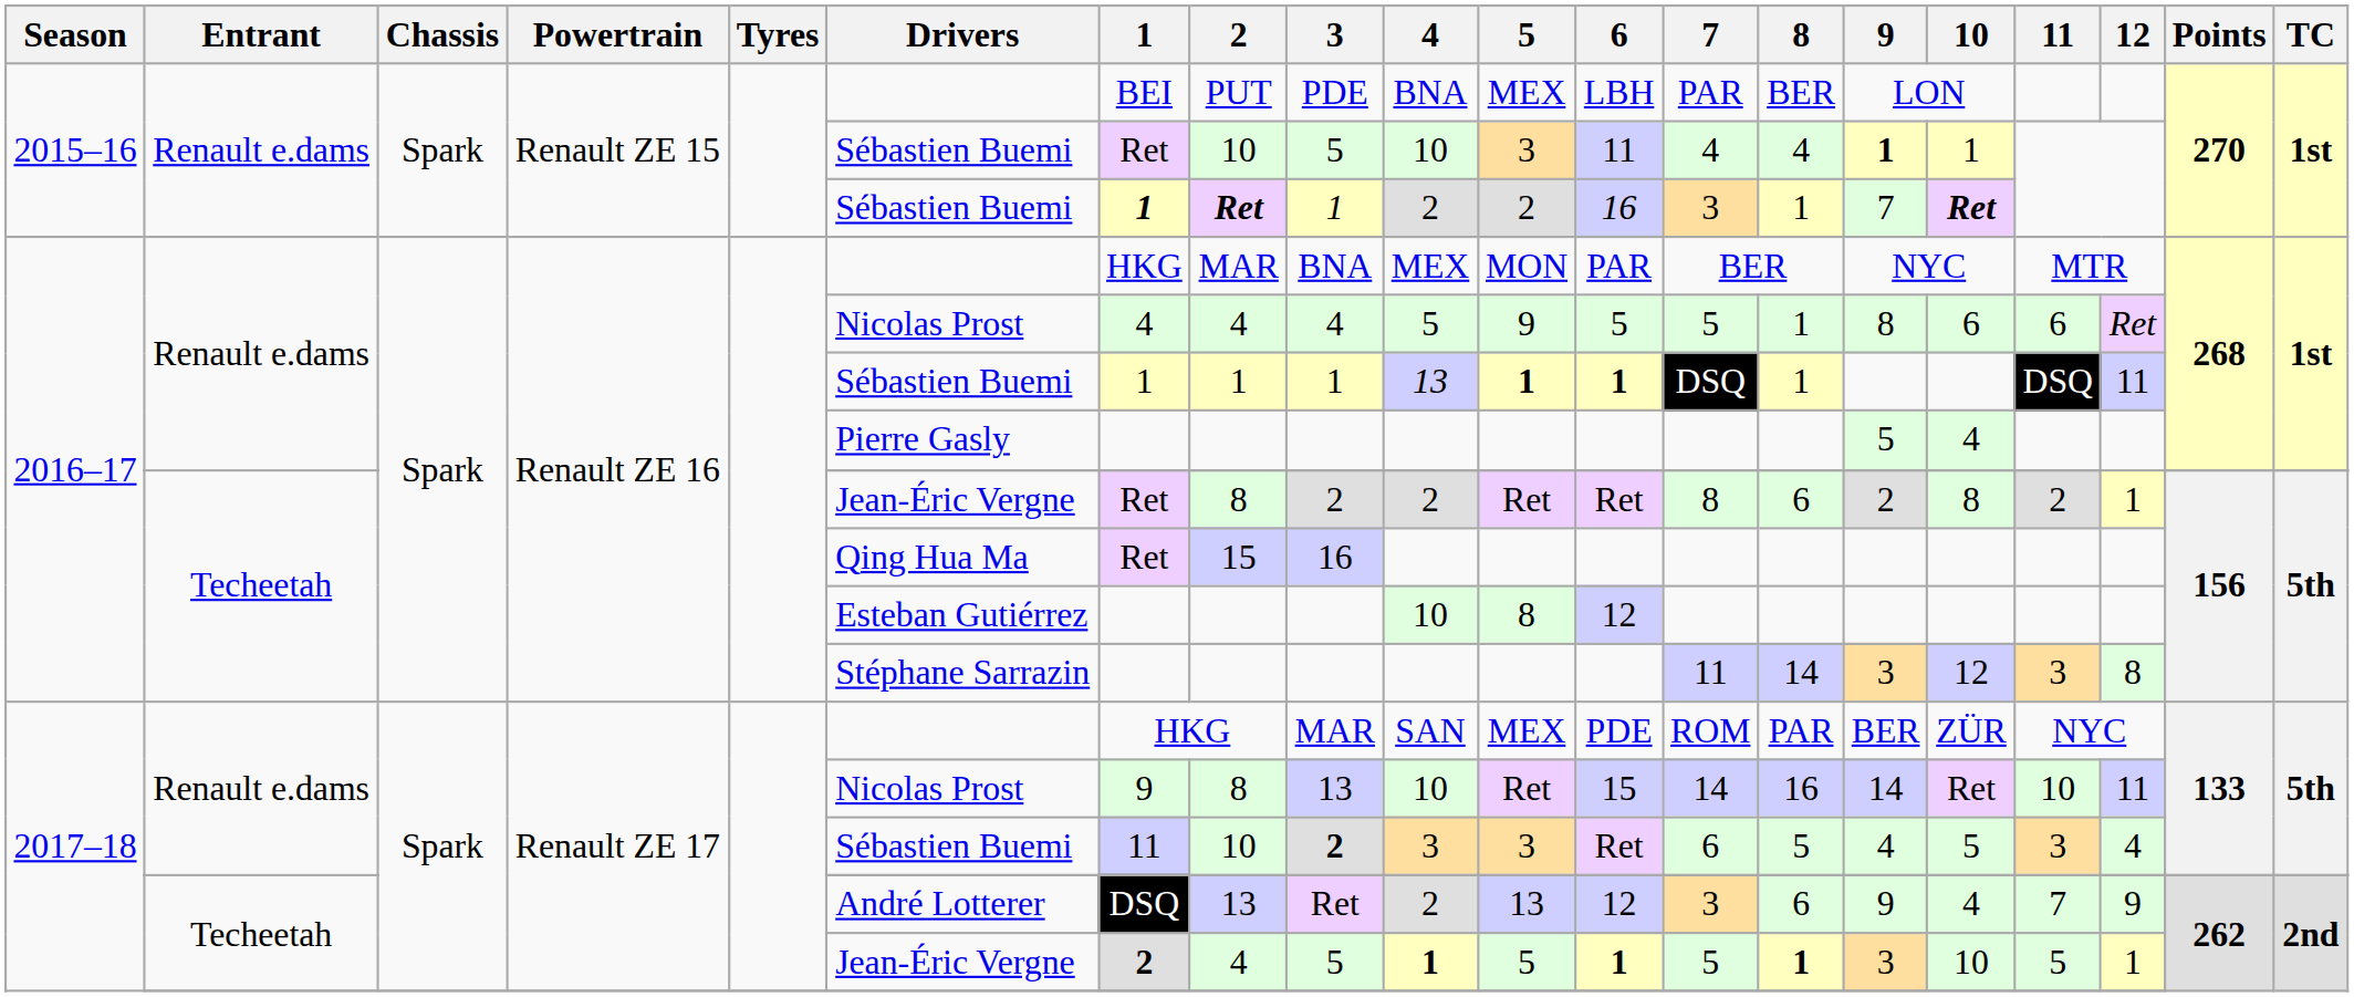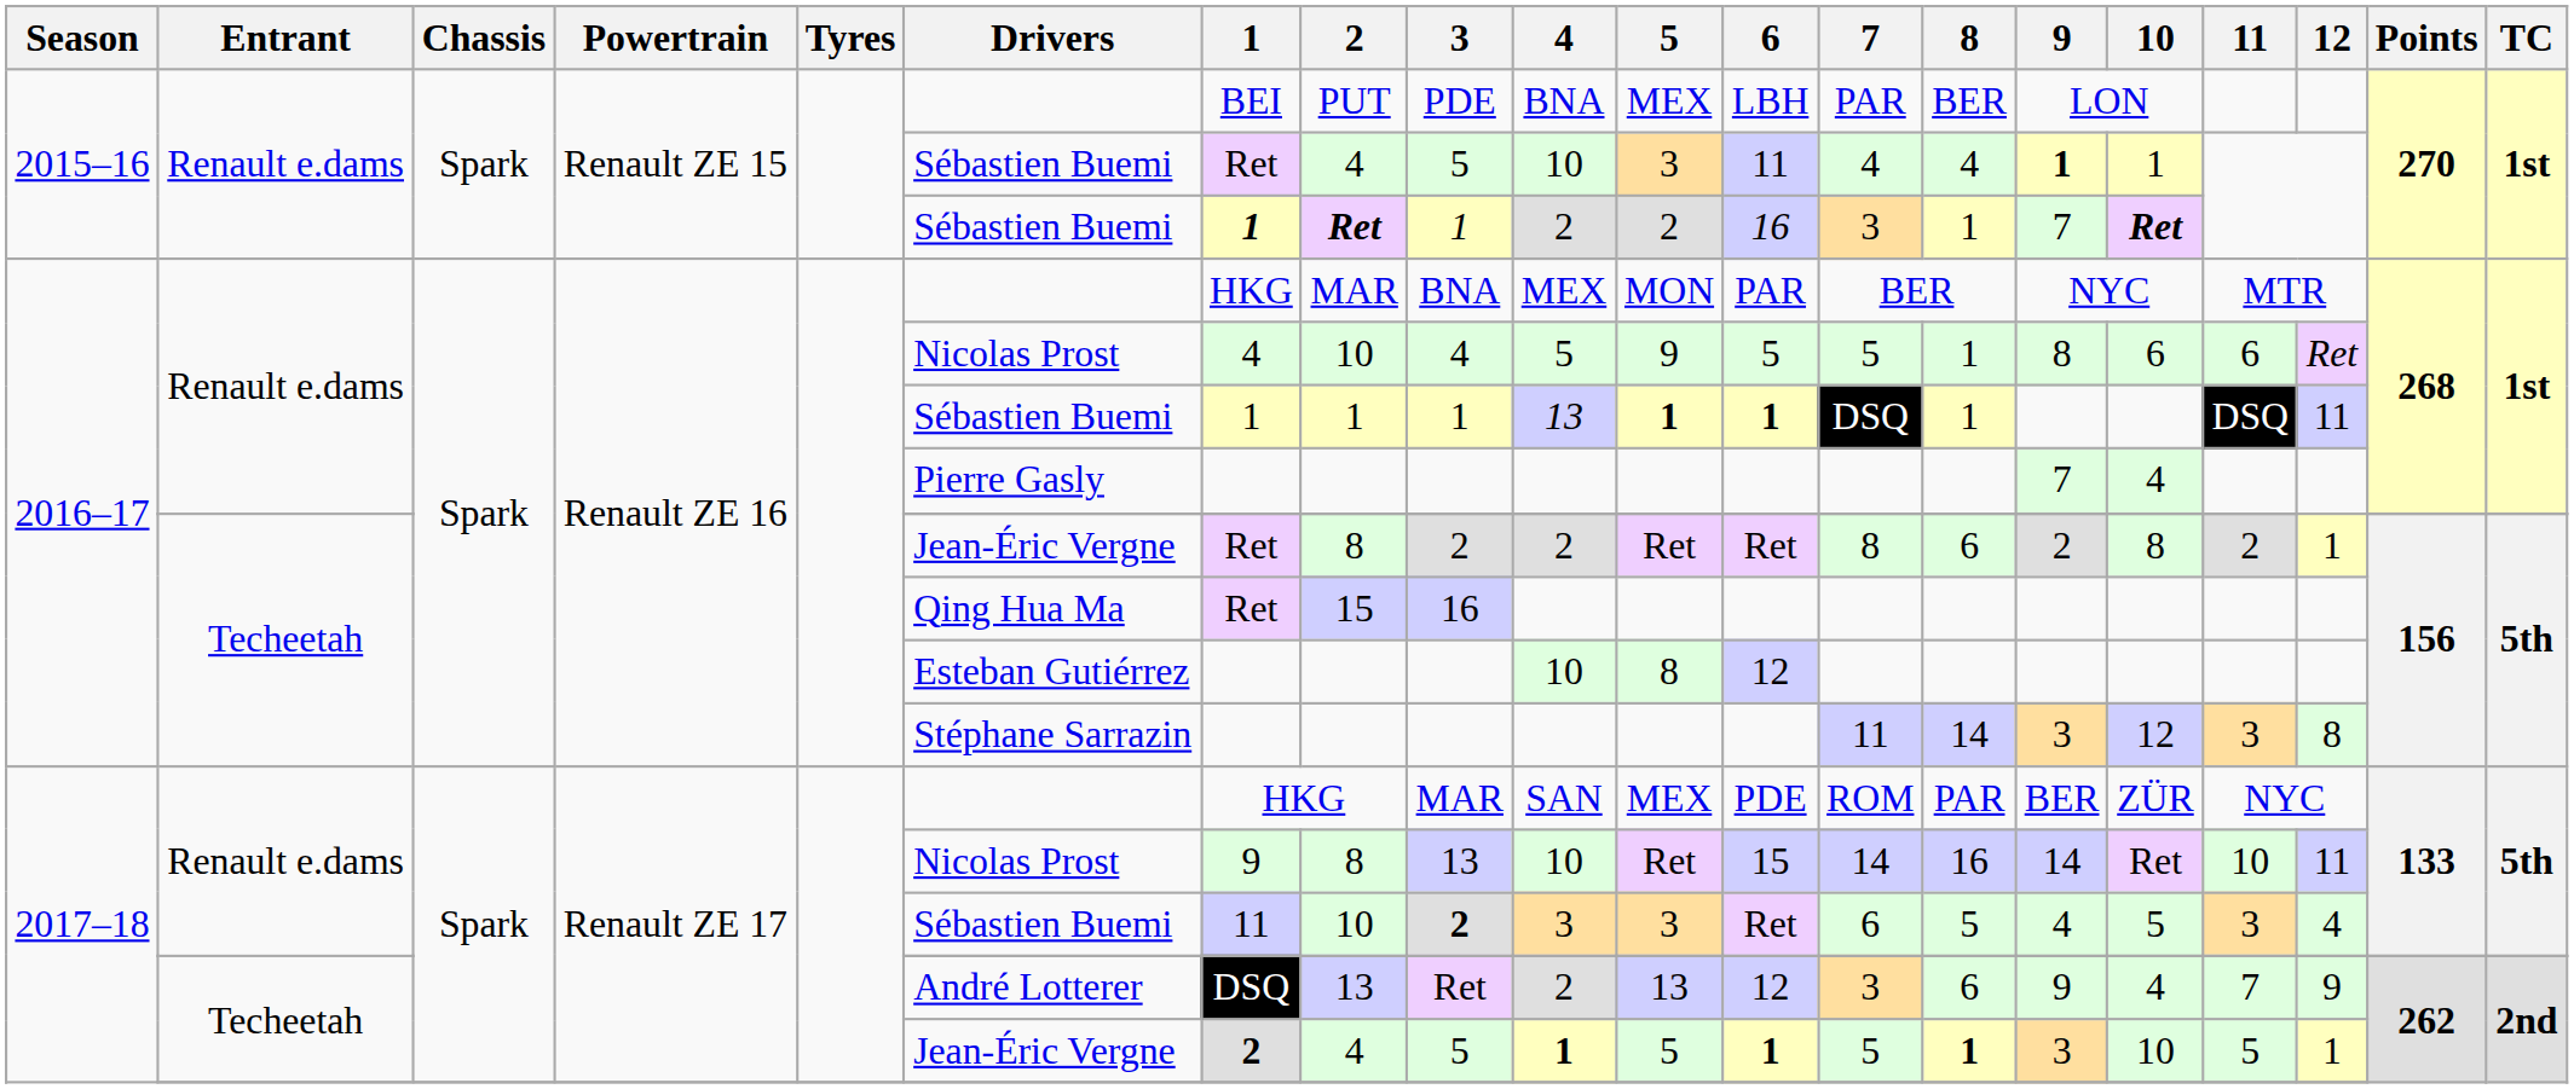 <table class="wikitable" style="text-align:center; font-size:95%">
 <tr>
 <th>Season</th>
 <th>Entrant</th>
 <th>Chassis</th>
 <th>Powertrain</th>
 <th>Tyres</th>
 <th>Drivers</th>
 <th>1</th>
 <th>2</th>
 <th>3</th>
 <th>4</th>
 <th>5</th>
 <th>6</th>
 <th>7</th>
 <th>8</th>
 <th>9</th>
 <th>10</th>
 <th>11</th>
 <th>12</th>
 <th>Points</th>
 <th>TC</th>
 </tr>
 <tr>
 <td rowspan="3"><a href='#'>2015–16</a></td>
 <td rowspan="3"><a href='#'>Renault e.dams</a></td>
 <td rowspan="3">Spark</td>
 <td rowspan="3">Renault ZE 15</td>
 <td rowspan="3"></td>
 <td></td>
 <td><a href='#'>BEI</a></td>
 <td><a href='#'>PUT</a></td>
 <td><a href='#'>PDE</a></td>
 <td><a href='#'>BNA</a></td>
 <td><a href='#'>MEX</a></td>
 <td><a href='#'>LBH</a></td>
 <td><a href='#'>PAR</a></td>
 <td><a href='#'>BER</a></td>
 <td colspan=2><a href='#'>LON</a></td>
 <td></td>
 <td></td>
 <th style="background:#FFFFBF;" rowspan=3>270</th>
 <th style="background:#FFFFBF;" rowspan=3>1st</th>
 </tr>
 <tr>
 <td align=left> <a href='#'>Sébastien Buemi</a></td>
 <td style="background:#EFCFFF;">Ret</td>
-<td style="background:#DFFFDF;">10</td>
+<td style="background:#DFFFDF;">4</td>
 <td style="background:#DFFFDF;">5</td>
 <td style="background:#DFFFDF;">10</td>
 <td style="background:#FFDF9F;">3</td>
 <td style="background:#CFCFFF;">11</td>
 <td style="background:#DFFFDF;">4</td>
 <td style="background:#DFFFDF;">4</td>
 <td style="background:#FFFFBF;"><strong>1</strong></td>
 <td style="background:#FFFFBF;">1</td>
 </tr>
 <tr>
 <td align=left> <a href='#'>Sébastien Buemi</a></td>
 <td style="background:#FFFFBF;"><strong><em>1</em></strong></td>
 <td style="background:#EFCFFF;"><strong><em>Ret</em></strong></td>
 <td style="background:#FFFFBF;"><em>1</em></td>
 <td style="background:#DFDFDF;">2</td>
 <td style="background:#DFDFDF;">2</td>
 <td style="background:#CFCFFF;"><em>16</em></td>
 <td style="background:#FFDF9F;">3</td>
 <td style="background:#FFFFBF;">1</td>
 <td style="background:#DFFFDF;">7</td>
 <td style="background:#EFCFFF;"><strong><em>Ret</em></strong></td>
 </tr>
 <tr>
 <td rowspan=9 align="center"><a href='#'>2016–17</a></td>
 <td rowspan=4 align="center">Renault e.dams</td>
 <td rowspan=9 align="center">Spark</td>
 <td rowspan=9 align="center">Renault ZE 16</td>
 <td rowspan=9 align="center"></td>
 <td></td>
 <td><a href='#'>HKG</a></td>
 <td><a href='#'>MAR</a></td>
 <td><a href='#'>BNA</a></td>
 <td><a href='#'>MEX</a></td>
 <td><a href='#'>MON</a></td>
 <td><a href='#'>PAR</a></td>
 <td colspan=2><a href='#'>BER</a></td>
 <td colspan=2><a href='#'>NYC</a></td>
 <td colspan=2><a href='#'>MTR</a></td>
 <th style="background:#FFFFBF;" rowspan=4>268</th>
 <th style="background:#FFFFBF;" rowspan=4>1st</th>
 </tr>
 <tr>
 <td align=left> <a href='#'>Nicolas Prost</a></td>
 <td style="background:#DFFFDF;">4</td>
-<td style="background:#DFFFDF;">4</td>
+<td style="background:#DFFFDF;">10</td>
 <td style="background:#DFFFDF;">4</td>
 <td style="background:#DFFFDF;">5</td>
 <td style="background:#DFFFDF;">9</td>
 <td style="background:#DFFFDF;">5</td>
 <td style="background:#DFFFDF;">5</td>
 <td style="background:#DFFFDF;">1</td>
 <td style="background:#DFFFDF;">8</td>
 <td style="background:#DFFFDF;">6</td>
 <td style="background:#DFFFDF;">6</td>
 <td style="background:#EFCFFF;"><em>Ret</em></td>
 </tr>
 <tr>
 <td align=left> <a href='#'>Sébastien Buemi</a></td>
 <td style="background:#FFFFBF;">1</td>
 <td style="background:#FFFFBF;">1</td>
 <td style="background:#FFFFBF;">1</td>
 <td style="background:#CFCFFF;"><em>13</em></td>
 <td style="background:#FFFFBF;"><strong>1</strong></td>
 <td style="background:#FFFFBF;"><strong>1</strong></td>
 <td style="background:#000000; color:white;">DSQ</td>
 <td style="background:#FFFFBF;">1</td>
 <td></td>
 <td></td>
 <td style="background:#000000; color:white;">DSQ</td>
 <td style="background:#CFCFFF;">11</td>
 </tr>
 <tr>
 <td align=left> <a href='#'>Pierre Gasly</a></td>
 <td></td>
 <td></td>
 <td></td>
 <td></td>
 <td></td>
 <td></td>
 <td></td>
 <td></td>
-<td style="background:#DFFFDF;">5</td>
+<td style="background:#DFFFDF;">7</td>
 <td style="background:#DFFFDF;">4</td>
 <td></td>
 </tr>
 <tr>
 <td rowspan=5 align="center"><a href='#'>Techeetah</a></td>
 </tr>
 <tr>
 <td align=left> <a href='#'>Jean-Éric Vergne</a></td>
 <td style="background:#EFCFFF;">Ret</td>
 <td style="background:#DFFFDF;">8</td>
 <td style="background:#DFDFDF;">2</td>
 <td style="background:#DFDFDF;">2</td>
 <td style="background:#EFCFFF;">Ret</td>
 <td style="background:#EFCFFF;">Ret</td>
 <td style="background:#DFFFDF;">8</td>
 <td style="background:#DFFFDF;">6</td>
 <td style="background:#DFDFDF;">2</td>
 <td style="background:#DFFFDF;">8</td>
 <td style="background:#DFDFDF;">2</td>
 <td style="background:#FFFFBF;">1</td>
 <th rowspan=4>156</th>
 <th rowspan=4>5th</th>
 </tr>
 <tr>
 <td align=left> <a href='#'>Qing Hua Ma</a></td>
 <td style="background:#EFCFFF;">Ret</td>
 <td style="background:#CFCFFF;">15</td>
 <td style="background:#CFCFFF;">16</td>
 <td></td>
 <td></td>
 <td></td>
 <td></td>
 <td></td>
 <td></td>
 <td></td>
 <td></td>
 <td></td>
 </tr>
 <tr>
 <td align=left> <a href='#'>Esteban Gutiérrez</a></td>
 <td></td>
 <td></td>
 <td></td>
 <td style="background:#DFFFDF;">10</td>
 <td style="background:#DFFFDF;">8</td>
 <td style="background:#CFCFFF;">12</td>
 <td></td>
 <td></td>
 <td></td>
 <td></td>
 <td></td>
 <td></td>
 </tr>
 <tr>
 <td align="left"> <a href='#'>Stéphane Sarrazin</a></td>
 <td></td>
 <td></td>
 <td></td>
 <td></td>
 <td></td>
 <td></td>
 <td style="background:#CFCFFF;">11</td>
 <td style="background:#CFCFFF;">14</td>
 <td style="background:#ffdf9f;">3</td>
 <td style="background:#CFCFFF;">12</td>
 <td style="background:#ffdf9f;">3</td>
 <td style="background:#DFFFDF;">8</td>
 </tr>
 <tr>
 <td rowspan=9 align="center"><a href='#'>2017–18</a></td>
 <td rowspan=3 align="center">Renault e.dams</td>
 <td rowspan=6 align="center">Spark</td>
 <td rowspan=6 align="center">Renault ZE 17</td>
 <td rowspan=6 align="center"></td>
 <td></td>
 <td colspan=2><a href='#'>HKG</a></td>
 <td><a href='#'>MAR</a></td>
 <td><a href='#'>SAN</a></td>
 <td><a href='#'>MEX</a></td>
 <td><a href='#'>PDE</a></td>
 <td><a href='#'>ROM</a></td>
 <td><a href='#'>PAR</a></td>
 <td><a href='#'>BER</a></td>
 <td><a href='#'>ZÜR</a></td>
 <td colspan=2><a href='#'>NYC</a></td>
 <th rowspan=3>133</th>
 <th rowspan=3>5th</th>
 </tr>
 <tr>
 <td align="left"> <a href='#'>Nicolas Prost</a></td>
 <td style="background:#DFFFDF;">9</td>
 <td style="background:#DFFFDF;">8</td>
 <td style="background:#CFCFFF;">13</td>
 <td style="background:#DFFFDF;">10</td>
 <td style="background:#EFCFFF;">Ret</td>
 <td style="background:#CFCFFF;">15</td>
 <td style="background:#CFCFFF;">14</td>
 <td style="background:#CFCFFF;">16</td>
 <td style="background:#CFCFFF;">14</td>
 <td style="background:#EFCFFF;">Ret</td>
 <td style="background:#DFFFDF;">10</td>
 <td style="background:#CFCFFF;">11</td>
 </tr>
 <tr>
 <td align="left"> <a href='#'>Sébastien Buemi</a></td>
 <td style="background:#CFCFFF;">11</td>
 <td style="background:#DFFFDF;">10</td>
 <td style="background:#DFDFDF;"><strong>2</strong></td>
 <td style="background:#FFDF9F;">3</td>
 <td style="background:#FFDF9F;">3</td>
 <td style="background:#EFCFFF;">Ret</td>
 <td style="background:#DFFFDF;">6</td>
 <td style="background:#DFFFDF;">5</td>
 <td style="background:#DFFFDF;">4</td>
 <td style="background:#DFFFDF;">5</td>
 <td style="background:#FFDF9F;">3</td>
 <td style="background:#DFFFDF;">4</td>
 </tr>
 <tr>
 <td rowspan=3 align="center">Techeetah</td>
 </tr>
 <tr>
 <td align="left"> <a href='#'>André Lotterer</a></td>
 <td style="background:#000000; color:white;">DSQ</td>
 <td style="background:#CFCFFF;">13</td>
 <td style="background:#EFCFFF;">Ret</td>
 <td style="background:#DFDFDF;">2</td>
 <td style="background:#CFCFFF;">13</td>
 <td style="background:#CFCFFF;">12</td>
 <td style="background:#ffdf9f;">3</td>
 <td style="background:#DFFFDF;">6</td>
 <td style="background:#DFFFDF;">9</td>
 <td style="background:#DFFFDF;">4</td>
 <td style="background:#DFFFDF;">7</td>
 <td style="background:#DFFFDF;">9</td>
 <th rowspan="3" style="background:#DFDFDF;">262</th>
 <th rowspan="3" style="background:#DFDFDF;">2nd</th>
 </tr>
 <tr>
 <td align="left"> <a href='#'>Jean-Éric Vergne</a></td>
 <td style="background:#DFDFDF;"><strong>2</strong></td>
 <td style="background:#DFFFDF;">4</td>
 <td style="background:#DFFFDF;">5</td>
 <td style="background:#FFFFBF;"><strong>1</strong></td>
 <td style="background:#DFFFDF;">5</td>
 <td style="background:#FFFFBF;"><strong>1</strong></td>
 <td style="background:#DFFFDF;">5</td>
 <td style="background:#FFFFBF;"><strong>1</strong></td>
 <td style="background:#ffdf9f;">3</td>
 <td style="background:#DFFFDF;">10</td>
 <td style="background:#DFFFDF;">5</td>
 <td style="background:#FFFFBF;">1</td>
 </tr>
 <tr>
 </tr>
 </table>
